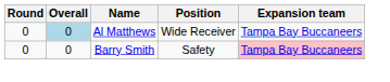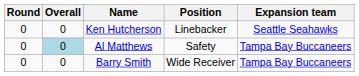 <table class="wikitable" style="text-align:center">
 <tr>
 <th>Round</th>
 <th>Overall</th>
 <th>Name</th>
 <th>Position</th>
 <th>Expansion team</th>
 </tr>
 <tr>
 <td>0</td>
+<td>0</td>
+<td><a href='#'>Ken Hutcherson</a></td>
+<td>Linebacker</td>
+<td><a href='#'>Seattle Seahawks</a></td>
+</tr>
+<tr>
+<td>0</td>
 <td style="background: lightblue;">0</td>
 <td><a href='#'>Al Matthews</a></td>
-<td>Wide Receiver</td>
+<td>Safety</td>
 <td><a href='#'>Tampa Bay Buccaneers</a></td>
 </tr>
 <tr>
 <td>0</td>
 <td>0</td>
 <td><a href='#'>Barry Smith</a></td>
-<td>Safety</td>
-<td style="background: pink;"><a href='#'>Tampa Bay Buccaneers</a></td>
+<td>Wide Receiver</td>
+<td><a href='#'>Tampa Bay Buccaneers</a></td>
 </tr>
 </table>
